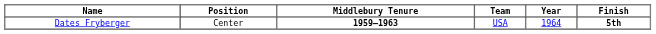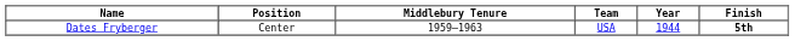 <table cellpadding="1" border="1" cellspacing="0" width="80%">
 <tr>
 <th>Name</th>
 <th>Position</th>
 <th>Middlebury Tenure</th>
 <th>Team</th>
 <th>Year</th>
 <th>Finish</th>
 </tr>
 <tr align="center">
 <td><a href='#'>Dates Fryberger</a></td>
 <td>Center</td>
-<td><strong>1959–1963</strong></td>
+<td>1959–1963</td>
 <td> <a href='#'>USA</a></td>
-<td><a href='#'>1964</a></td>
+<td><a href='#'>1944</a></td>
 <td><strong>5th</strong></td>
 </tr>
 </table>
